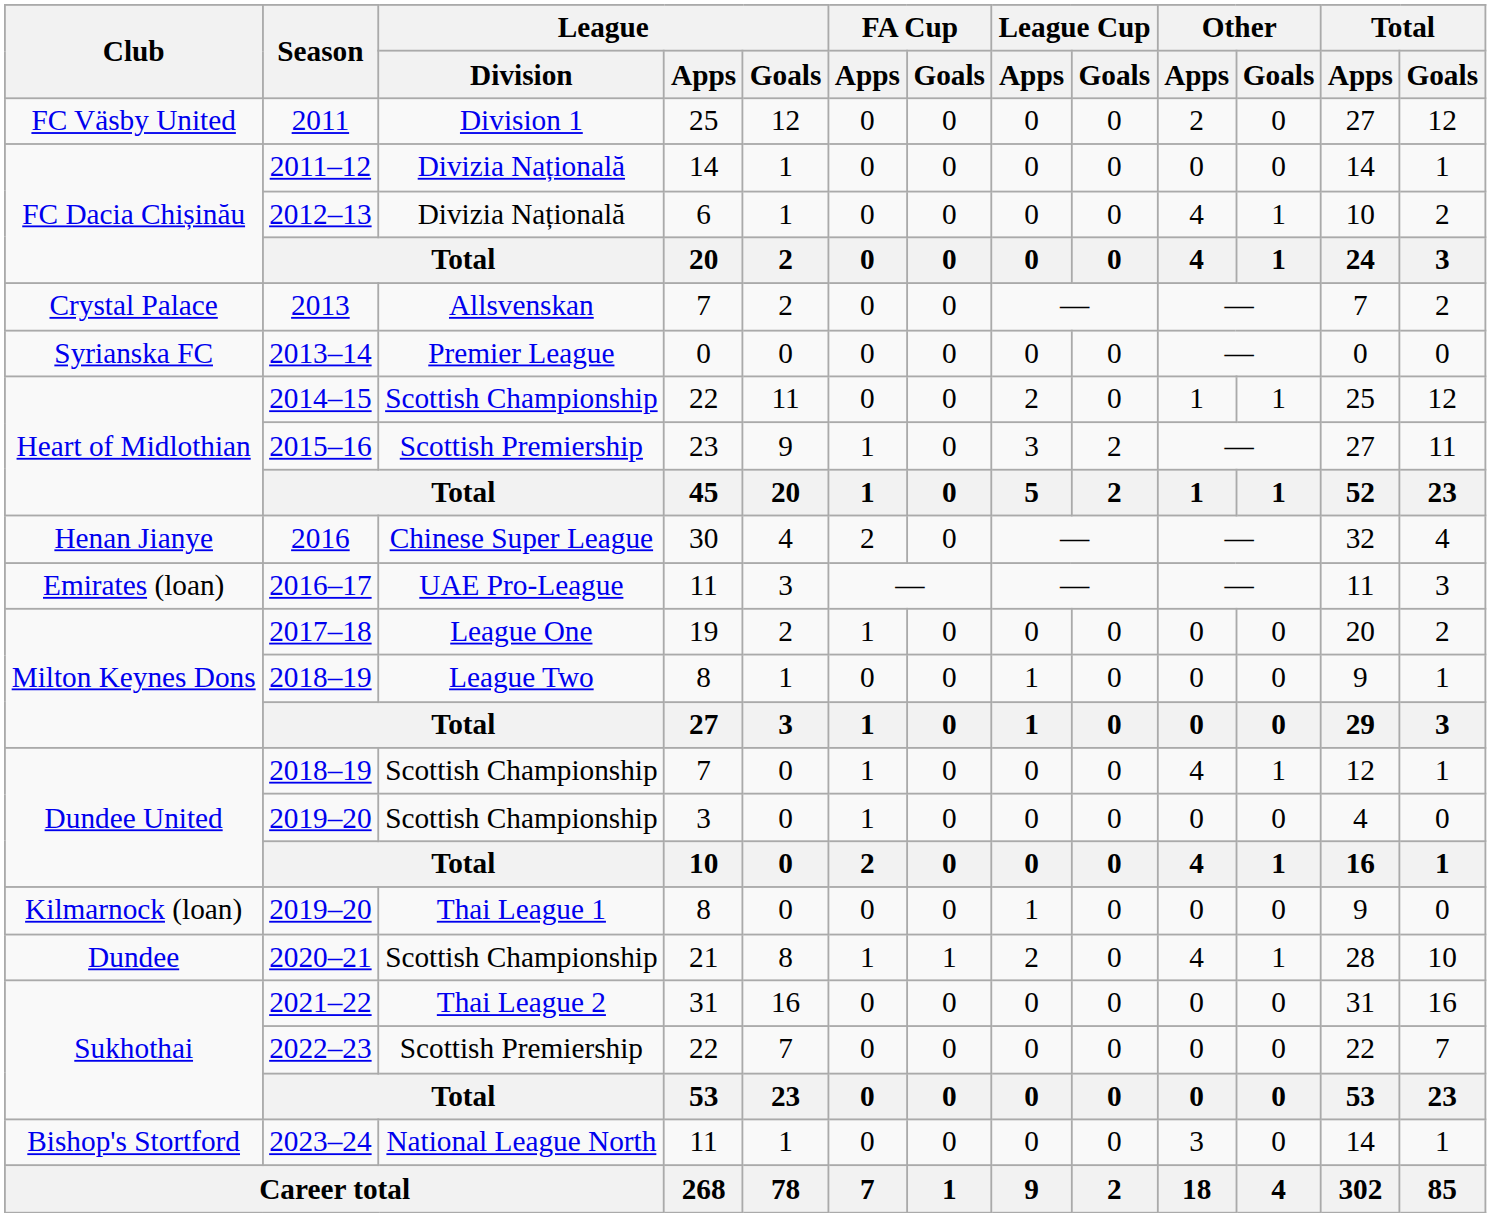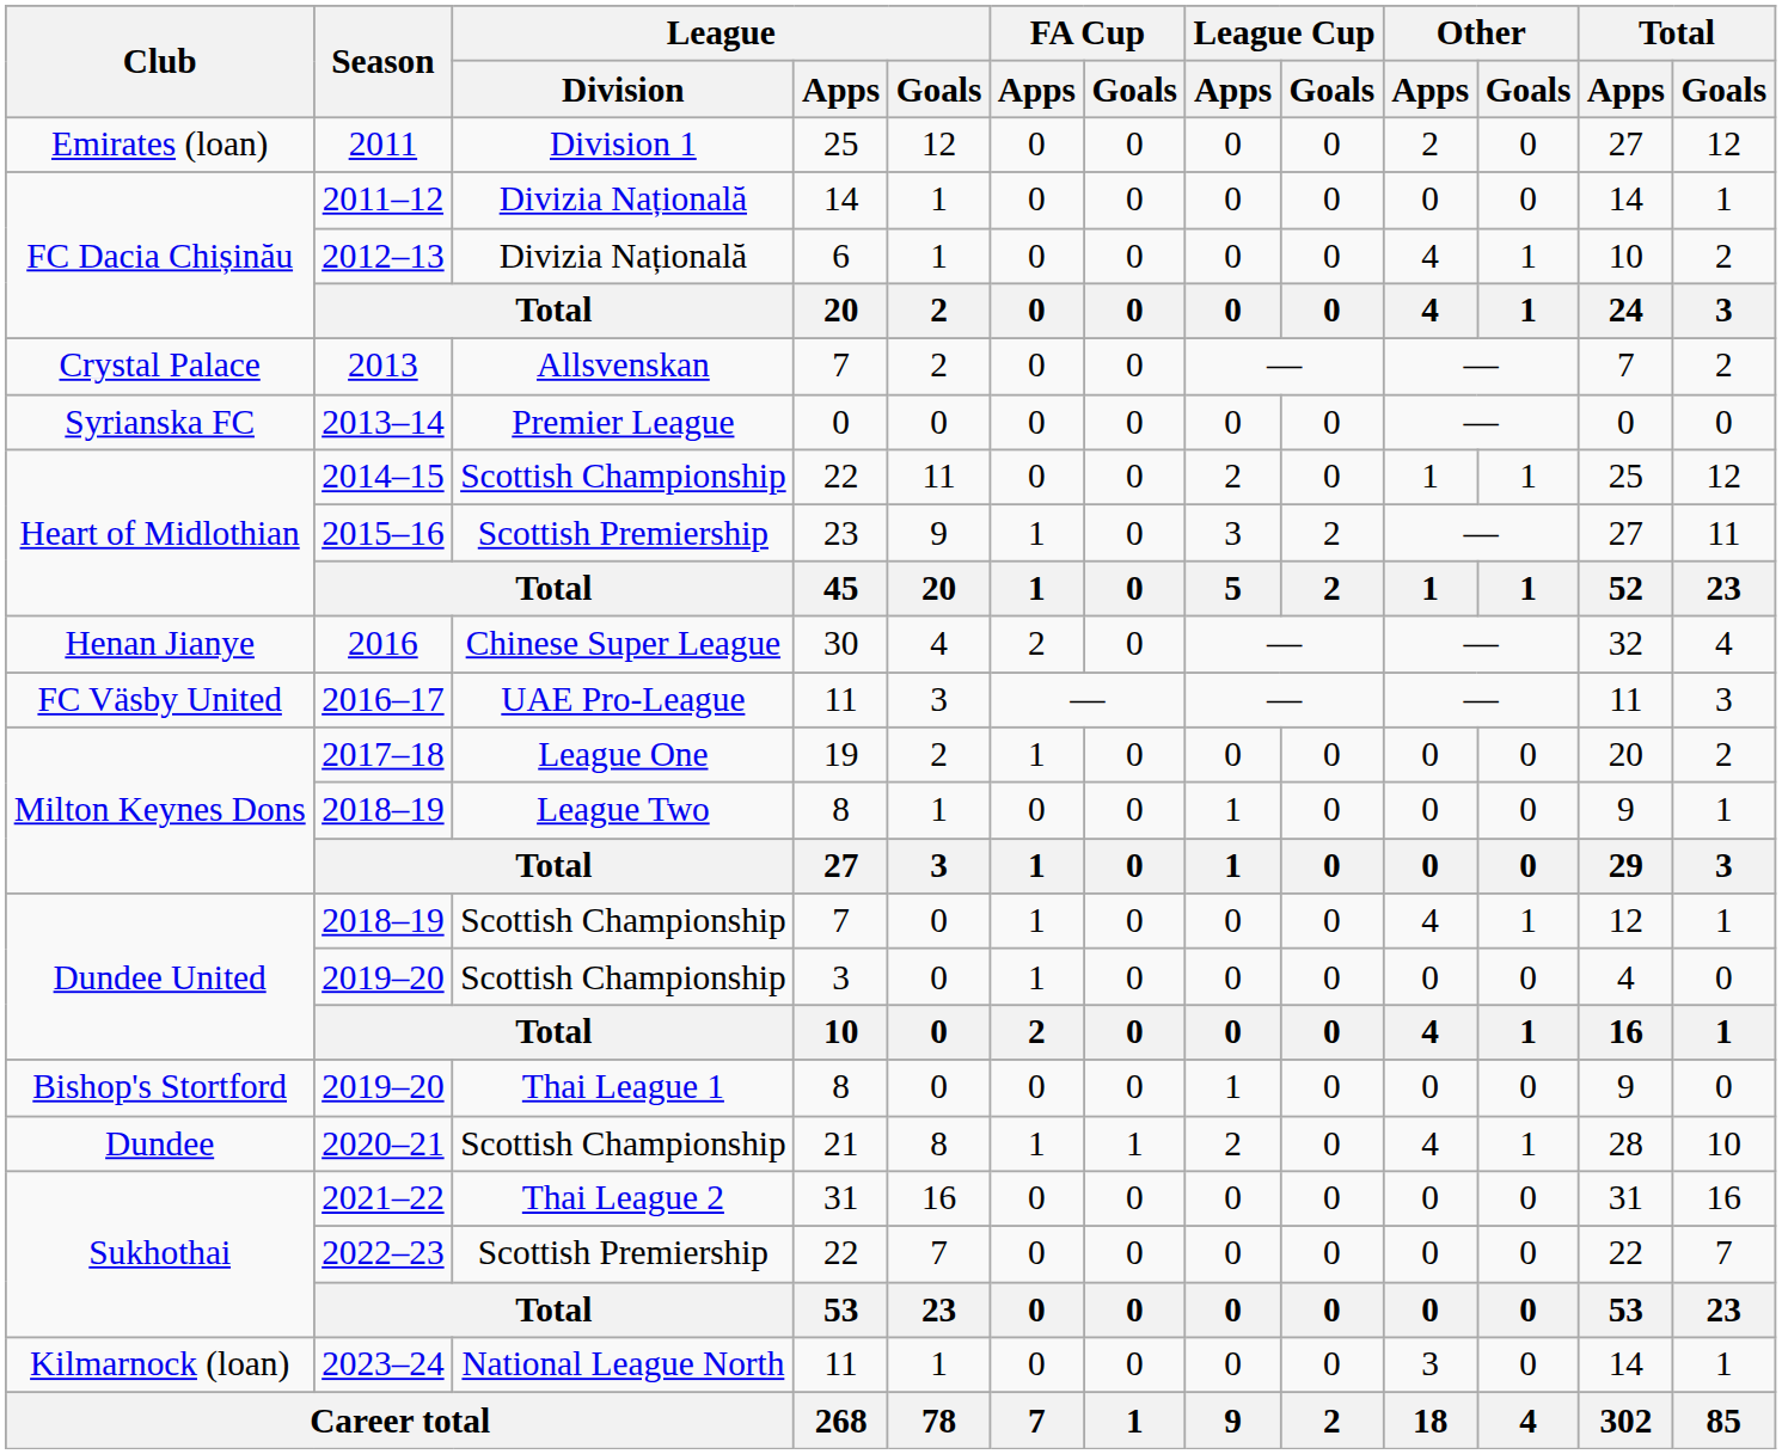 <table class=wikitable style="text-align: center;">
 <tr>
 <th rowspan=2>Club</th>
 <th rowspan=2>Season</th>
 <th colspan=3>League</th>
 <th colspan=2>FA Cup</th>
 <th colspan=2>League Cup</th>
 <th colspan=2>Other</th>
 <th colspan=2>Total</th>
 </tr>
 <tr>
 <th>Division</th>
 <th>Apps</th>
 <th>Goals</th>
 <th>Apps</th>
 <th>Goals</th>
 <th>Apps</th>
 <th>Goals</th>
 <th>Apps</th>
 <th>Goals</th>
 <th>Apps</th>
 <th>Goals</th>
 </tr>
 <tr>
-<td><a href='#'>FC Väsby United</a></td>
+<td><a href='#'>Emirates</a> (loan)</td>
 <td><a href='#'>2011</a></td>
 <td><a href='#'>Division 1</a></td>
 <td>25</td>
 <td>12</td>
 <td>0</td>
 <td>0</td>
 <td>0</td>
 <td>0</td>
 <td>2</td>
 <td>0</td>
 <td>27</td>
 <td>12</td>
 </tr>
 <tr>
 <td rowspan="3"><a href='#'>FC Dacia Chișinău</a></td>
 <td><a href='#'>2011–12</a></td>
 <td><a href='#'>Divizia Națională</a></td>
 <td>14</td>
 <td>1</td>
 <td>0</td>
 <td>0</td>
 <td>0</td>
 <td>0</td>
 <td>0</td>
 <td>0</td>
 <td>14</td>
 <td>1</td>
 </tr>
 <tr>
 <td><a href='#'>2012–13</a></td>
 <td>Divizia Națională</td>
 <td>6</td>
 <td>1</td>
 <td>0</td>
 <td>0</td>
 <td>0</td>
 <td>0</td>
 <td>4</td>
 <td>1</td>
 <td>10</td>
 <td>2</td>
 </tr>
 <tr>
 <th colspan=2>Total</th>
 <th>20</th>
 <th>2</th>
 <th>0</th>
 <th>0</th>
 <th>0</th>
 <th>0</th>
 <th>4</th>
 <th>1</th>
 <th>24</th>
 <th>3</th>
 </tr>
 <tr>
 <td><a href='#'>Crystal Palace</a></td>
 <td><a href='#'>2013</a></td>
 <td><a href='#'>Allsvenskan</a></td>
 <td>7</td>
 <td>2</td>
 <td>0</td>
 <td>0</td>
 <td colspan="2">—</td>
 <td colspan="2">—</td>
 <td>7</td>
 <td>2</td>
 </tr>
 <tr>
 <td><a href='#'>Syrianska FC</a></td>
 <td><a href='#'>2013–14</a></td>
 <td><a href='#'>Premier League</a></td>
 <td>0</td>
 <td>0</td>
 <td>0</td>
 <td>0</td>
 <td>0</td>
 <td>0</td>
 <td colspan="2">—</td>
 <td>0</td>
 <td>0</td>
 </tr>
 <tr>
 <td rowspan="3"><a href='#'>Heart of Midlothian</a></td>
 <td><a href='#'>2014–15</a></td>
 <td><a href='#'>Scottish Championship</a></td>
 <td>22</td>
 <td>11</td>
 <td>0</td>
 <td>0</td>
 <td>2</td>
 <td>0</td>
 <td>1</td>
 <td>1</td>
 <td>25</td>
 <td>12</td>
 </tr>
 <tr>
 <td><a href='#'>2015–16</a></td>
 <td><a href='#'>Scottish Premiership</a></td>
 <td>23</td>
 <td>9</td>
 <td>1</td>
 <td>0</td>
 <td>3</td>
 <td>2</td>
 <td colspan="2">—</td>
 <td>27</td>
 <td>11</td>
 </tr>
 <tr>
 <th colspan=2>Total</th>
 <th>45</th>
 <th>20</th>
 <th>1</th>
 <th>0</th>
 <th>5</th>
 <th>2</th>
 <th>1</th>
 <th>1</th>
 <th>52</th>
 <th>23</th>
 </tr>
 <tr>
 <td><a href='#'>Henan Jianye</a></td>
 <td><a href='#'>2016</a></td>
 <td><a href='#'>Chinese Super League</a></td>
 <td>30</td>
 <td>4</td>
 <td>2</td>
 <td>0</td>
 <td colspan="2">—</td>
 <td colspan="2">—</td>
 <td>32</td>
 <td>4</td>
 </tr>
 <tr>
-<td><a href='#'>Emirates</a> (loan)</td>
+<td><a href='#'>FC Väsby United</a></td>
 <td><a href='#'>2016–17</a></td>
 <td><a href='#'>UAE Pro-League</a></td>
 <td>11</td>
 <td>3</td>
 <td colspan="2">—</td>
 <td colspan="2">—</td>
 <td colspan="2">—</td>
 <td>11</td>
 <td>3</td>
 </tr>
 <tr>
 <td rowspan=3><a href='#'>Milton Keynes Dons</a></td>
 <td><a href='#'>2017–18</a></td>
 <td><a href='#'>League One</a></td>
 <td>19</td>
 <td>2</td>
 <td>1</td>
 <td>0</td>
 <td>0</td>
 <td>0</td>
 <td>0</td>
 <td>0</td>
 <td>20</td>
 <td>2</td>
 </tr>
 <tr>
 <td><a href='#'>2018–19</a></td>
 <td><a href='#'>League Two</a></td>
 <td>8</td>
 <td>1</td>
 <td>0</td>
 <td>0</td>
 <td>1</td>
 <td>0</td>
 <td>0</td>
 <td>0</td>
 <td>9</td>
 <td>1</td>
 </tr>
 <tr>
 <th colspan=2>Total</th>
 <th>27</th>
 <th>3</th>
 <th>1</th>
 <th>0</th>
 <th>1</th>
 <th>0</th>
 <th>0</th>
 <th>0</th>
 <th>29</th>
 <th>3</th>
 </tr>
 <tr>
 <td rowspan=3><a href='#'>Dundee United</a></td>
 <td><a href='#'>2018–19</a></td>
 <td>Scottish Championship</td>
 <td>7</td>
 <td>0</td>
 <td>1</td>
 <td>0</td>
 <td>0</td>
 <td>0</td>
 <td>4</td>
 <td>1</td>
 <td>12</td>
 <td>1</td>
 </tr>
 <tr>
 <td><a href='#'>2019–20</a></td>
 <td>Scottish Championship</td>
 <td>3</td>
 <td>0</td>
 <td>1</td>
 <td>0</td>
 <td>0</td>
 <td>0</td>
 <td>0</td>
 <td>0</td>
 <td>4</td>
 <td>0</td>
 </tr>
 <tr>
 <th colspan=2>Total</th>
 <th>10</th>
 <th>0</th>
 <th>2</th>
 <th>0</th>
 <th>0</th>
 <th>0</th>
 <th>4</th>
 <th>1</th>
 <th>16</th>
 <th>1</th>
 </tr>
 <tr>
-<td><a href='#'>Kilmarnock</a> (loan)</td>
+<td><a href='#'>Bishop's Stortford</a></td>
 <td><a href='#'>2019–20</a></td>
 <td><a href='#'>Thai League 1</a></td>
 <td>8</td>
 <td>0</td>
 <td>0</td>
 <td>0</td>
 <td>1</td>
 <td>0</td>
 <td>0</td>
 <td>0</td>
 <td>9</td>
 <td>0</td>
 </tr>
 <tr>
 <td><a href='#'>Dundee</a></td>
 <td><a href='#'>2020–21</a></td>
 <td>Scottish Championship</td>
 <td>21</td>
 <td>8</td>
 <td>1</td>
 <td>1</td>
 <td>2</td>
 <td>0</td>
 <td>4</td>
 <td>1</td>
 <td>28</td>
 <td>10</td>
 </tr>
 <tr>
 <td rowspan="3"><a href='#'>Sukhothai</a></td>
 <td><a href='#'>2021–22</a></td>
 <td><a href='#'>Thai League 2</a></td>
 <td>31</td>
 <td>16</td>
 <td>0</td>
 <td>0</td>
 <td>0</td>
 <td>0</td>
 <td>0</td>
 <td>0</td>
 <td>31</td>
 <td>16</td>
 </tr>
 <tr>
 <td><a href='#'>2022–23</a></td>
 <td>Scottish Premiership</td>
 <td>22</td>
 <td>7</td>
 <td>0</td>
 <td>0</td>
 <td>0</td>
 <td>0</td>
 <td>0</td>
 <td>0</td>
 <td>22</td>
 <td>7</td>
 </tr>
 <tr>
 <th colspan="2">Total</th>
 <th>53</th>
 <th>23</th>
 <th>0</th>
 <th>0</th>
 <th>0</th>
 <th>0</th>
 <th>0</th>
 <th>0</th>
 <th>53</th>
 <th>23</th>
 </tr>
 <tr>
-<td><a href='#'>Bishop's Stortford</a></td>
+<td><a href='#'>Kilmarnock</a> (loan)</td>
 <td><a href='#'>2023–24</a></td>
 <td><a href='#'>National League North</a></td>
 <td>11</td>
 <td>1</td>
 <td>0</td>
 <td>0</td>
 <td>0</td>
 <td>0</td>
 <td>3</td>
 <td>0</td>
 <td>14</td>
 <td>1</td>
 </tr>
 <tr>
 <th colspan="3">Career total</th>
 <th>268</th>
 <th>78</th>
 <th>7</th>
 <th>1</th>
 <th>9</th>
 <th>2</th>
 <th>18</th>
 <th>4</th>
 <th>302</th>
 <th>85</th>
 </tr>
 </table>
